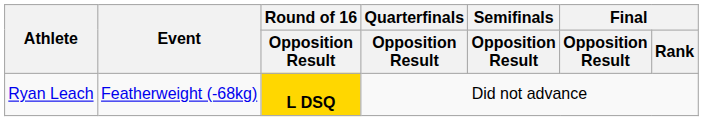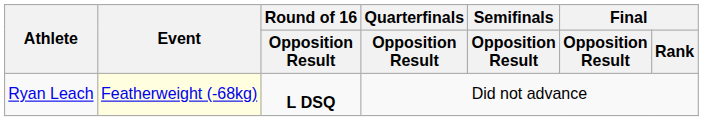 <table class="wikitable" style="font-size:90%">
 <tr>
 <th rowspan="2">Athlete</th>
 <th rowspan="2">Event</th>
 <th>Round of 16</th>
 <th>Quarterfinals</th>
 <th>Semifinals</th>
 <th colspan="2">Final</th>
 </tr>
 <tr>
 <th>Opposition<br>Result</th>
 <th>Opposition<br>Result</th>
 <th>Opposition<br>Result</th>
 <th>Opposition<br>Result</th>
 <th>Rank</th>
 </tr>
 <tr>
 <td><a href='#'>Ryan Leach</a></td>
-<td><a href='#'>Featherweight (-68kg)</a></td>
-<td align=center style="background: gold;"> <br><strong>L</strong> <strong>DSQ</strong></td>
+<td style="background: lightyellow;"><a href='#'>Featherweight (-68kg)</a></td>
+<td align=center> <br><strong>L</strong> <strong>DSQ</strong></td>
 <td align="center" colspan="7">Did not advance</td>
 </tr>
 </table>
